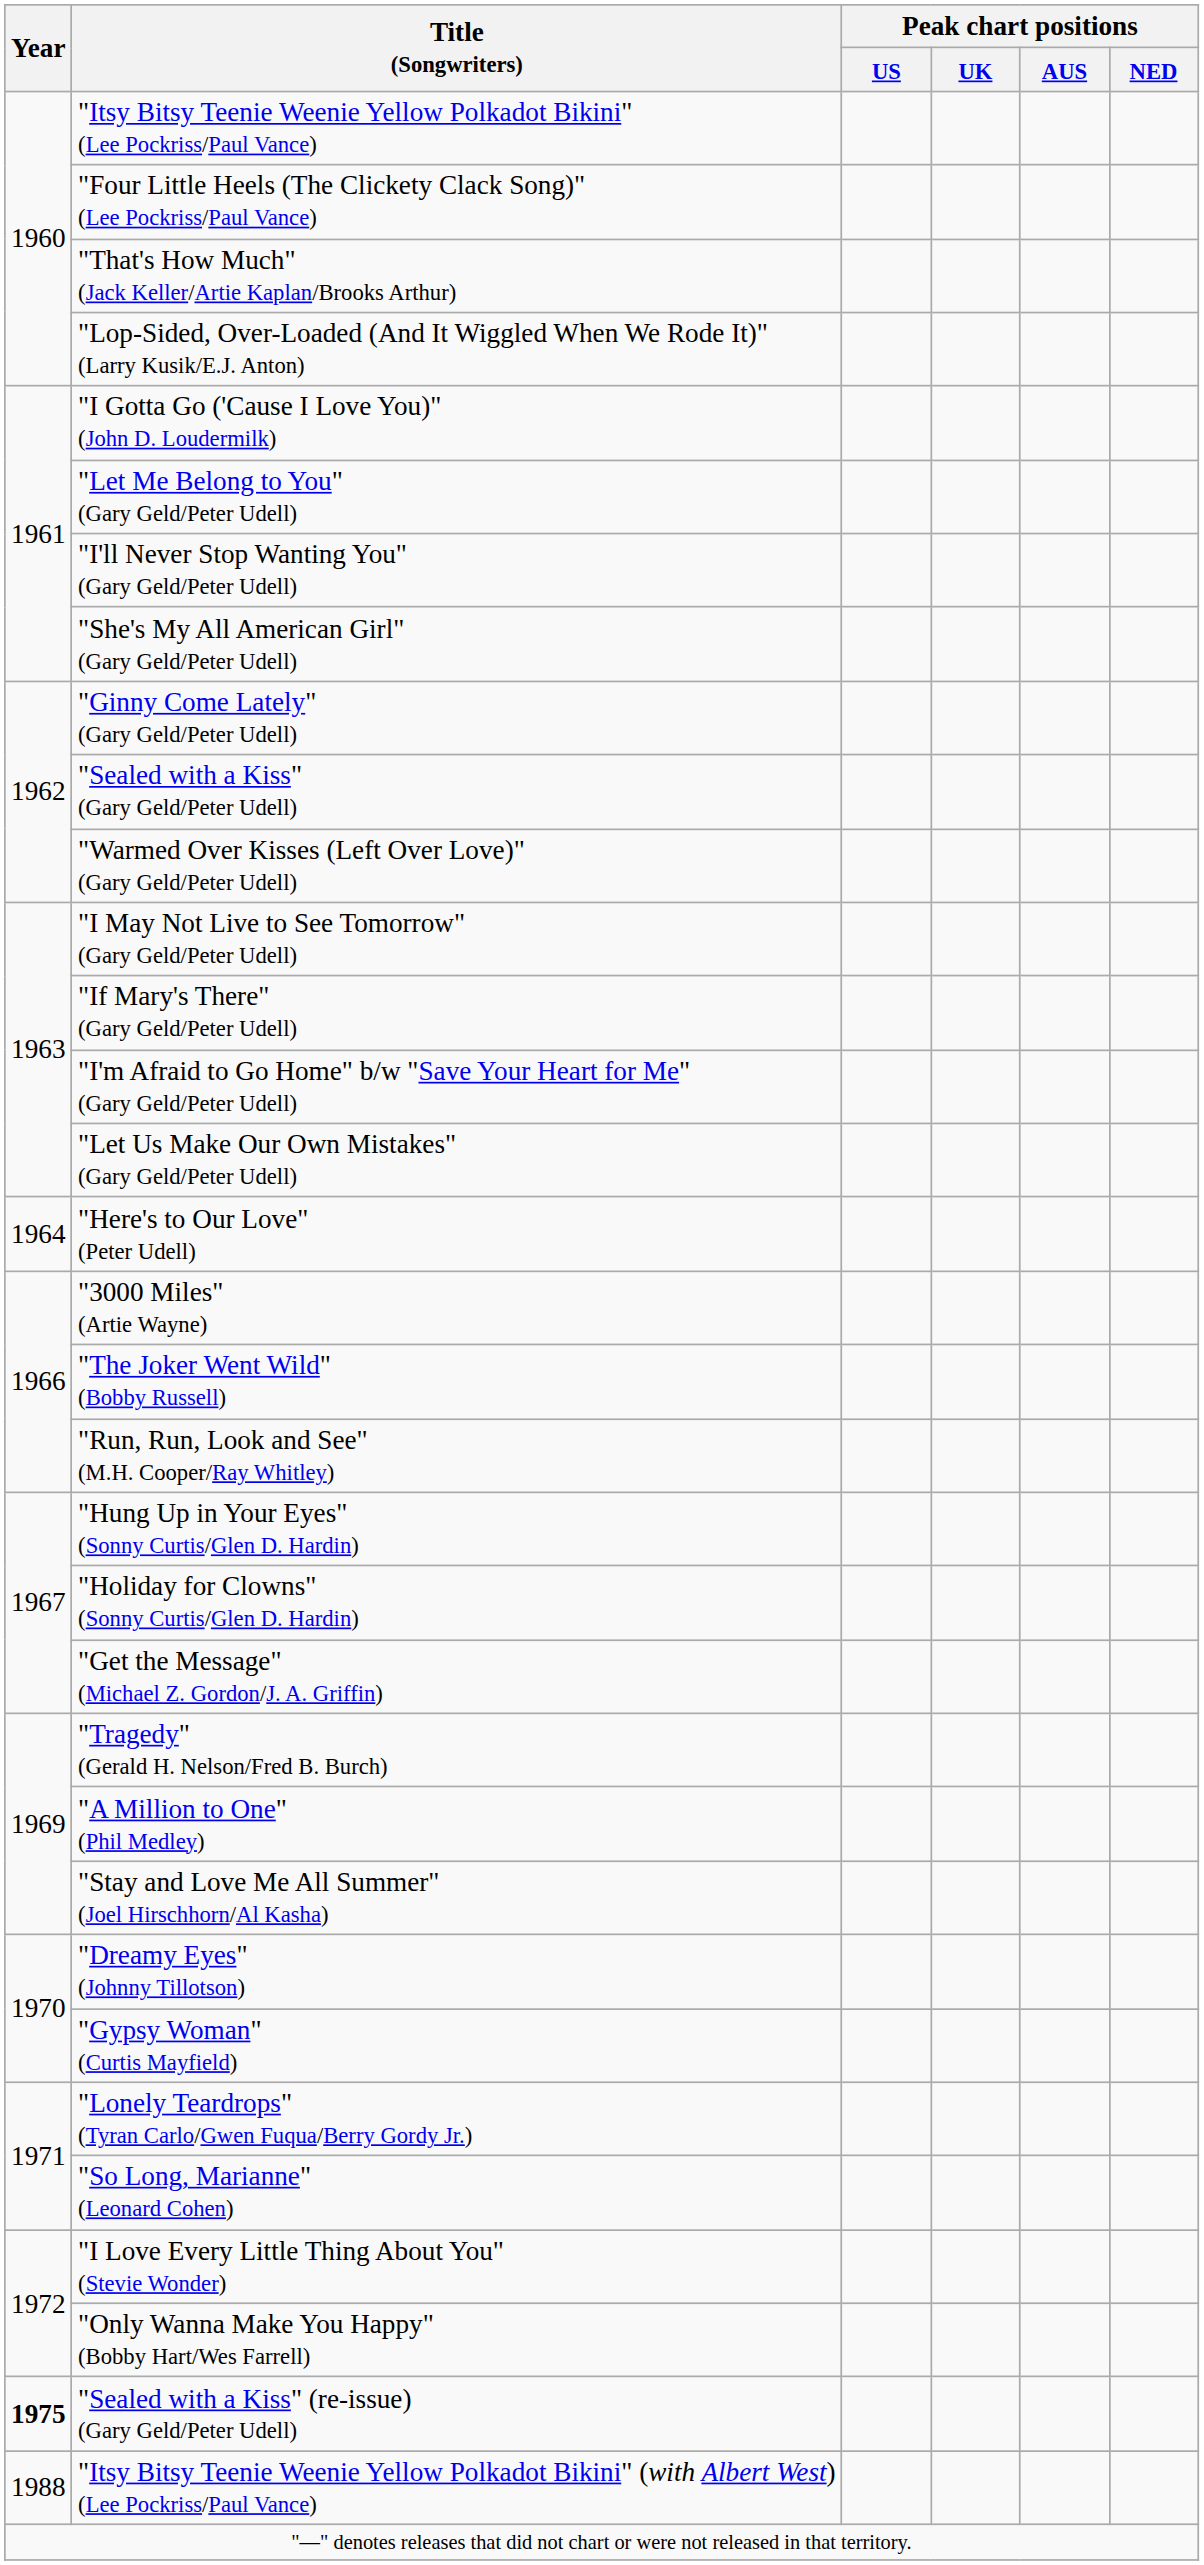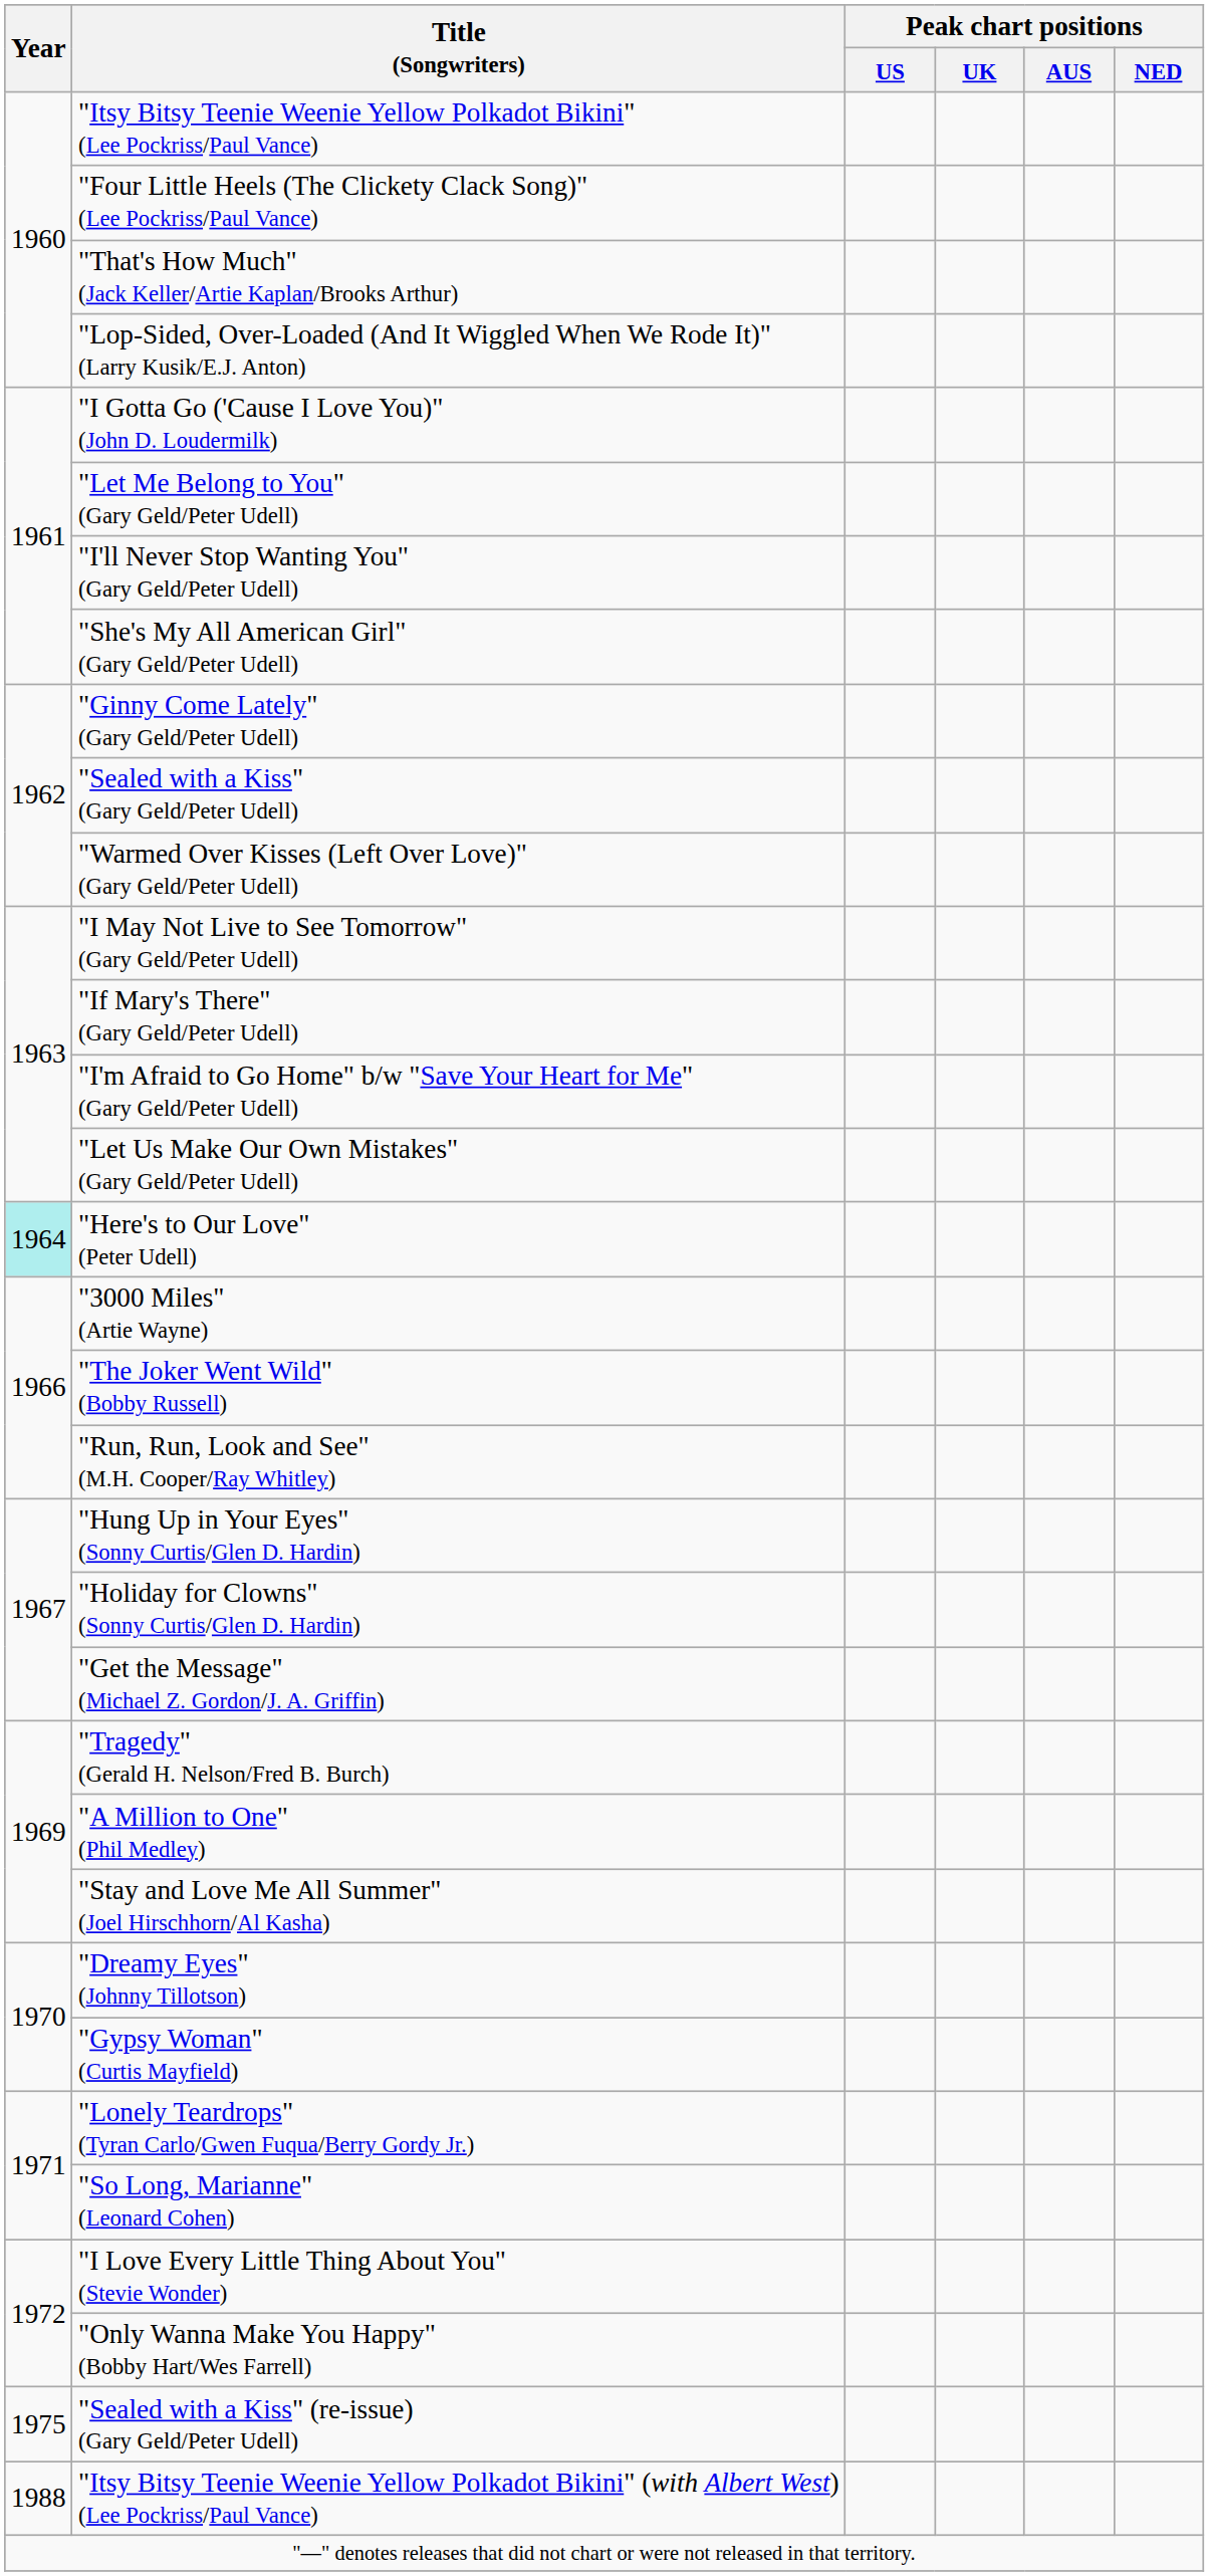 <table class="wikitable">
 <tr>
 <th scope="col" rowspan="2">Year</th>
 <th scope="col" rowspan="2">Title<br><small>(Songwriters)</small></th>
 <th scope="col" colspan="4">Peak chart positions</th>
 </tr>
 <tr>
 <th style="width:45px;"><small><a href='#'>US</a></small><br></th>
 <th style="width:45px;"><small><a href='#'>UK</a></small><br></th>
 <th style="width:45px;"><small><a href='#'>AUS</a></small><br></th>
 <th style="width:45px;"><small><a href='#'>NED</a></small><br></th>
 </tr>
 <tr>
 <td rowspan="4">1960</td>
 <td>"<a href='#'>Itsy Bitsy Teenie Weenie Yellow Polkadot Bikini</a>"<br><small>(<a href='#'>Lee Pockriss</a>/<a href='#'>Paul Vance</a>)</small></td>
 <td></td>
 <td></td>
 <td></td>
 <td></td>
 </tr>
 <tr>
 <td>"Four Little Heels (The Clickety Clack Song)"<br><small>(<a href='#'>Lee Pockriss</a>/<a href='#'>Paul Vance</a>)</small></td>
 <td></td>
 <td></td>
 <td></td>
 <td></td>
 </tr>
 <tr>
 <td>"That's How Much"<br><small>(<a href='#'>Jack Keller</a>/<a href='#'>Artie Kaplan</a>/Brooks Arthur)</small></td>
 <td></td>
 <td></td>
 <td></td>
 <td></td>
 </tr>
 <tr>
 <td>"Lop-Sided, Over-Loaded (And It Wiggled When We Rode It)"<br><small>(Larry Kusik/E.J. Anton)</small></td>
 <td></td>
 <td></td>
 <td></td>
 <td></td>
 </tr>
 <tr>
 <td rowspan="4">1961</td>
 <td>"I Gotta Go ('Cause I Love You)"<br><small>(<a href='#'>John D. Loudermilk</a>)</small></td>
 <td></td>
 <td></td>
 <td></td>
 <td></td>
 </tr>
 <tr>
 <td>"<a href='#'>Let Me Belong to You</a>"<br><small>(Gary Geld/Peter Udell)</small></td>
 <td></td>
 <td></td>
 <td></td>
 <td></td>
 </tr>
 <tr>
 <td>"I'll Never Stop Wanting You"<br><small>(Gary Geld/Peter Udell)</small></td>
 <td></td>
 <td></td>
 <td></td>
 <td></td>
 </tr>
 <tr>
 <td>"She's My All American Girl"<br><small>(Gary Geld/Peter Udell)</small></td>
 <td></td>
 <td></td>
 <td></td>
 <td></td>
 </tr>
 <tr>
 <td rowspan="3">1962</td>
 <td>"<a href='#'>Ginny Come Lately</a>"<br><small>(Gary Geld/Peter Udell)</small></td>
 <td></td>
 <td></td>
 <td></td>
 <td></td>
 </tr>
 <tr>
 <td>"<a href='#'>Sealed with a Kiss</a>"<br><small>(Gary Geld/Peter Udell)</small></td>
 <td></td>
 <td></td>
 <td></td>
 <td></td>
 </tr>
 <tr>
 <td>"Warmed Over Kisses (Left Over Love)"<br><small>(Gary Geld/Peter Udell)</small></td>
 <td></td>
 <td></td>
 <td></td>
 <td></td>
 </tr>
 <tr>
 <td rowspan="4">1963</td>
 <td>"I May Not Live to See Tomorrow"<br><small>(Gary Geld/Peter Udell)</small></td>
 <td></td>
 <td></td>
 <td></td>
 <td></td>
 </tr>
 <tr>
 <td>"If Mary's There"<br><small>(Gary Geld/Peter Udell)</small></td>
 <td></td>
 <td></td>
 <td></td>
 <td></td>
 </tr>
 <tr>
 <td>"I'm Afraid to Go Home" b/w "<a href='#'>Save Your Heart for Me</a>"<br><small>(Gary Geld/Peter Udell)</small></td>
 <td></td>
 <td></td>
 <td></td>
 <td></td>
 </tr>
 <tr>
 <td>"Let Us Make Our Own Mistakes"<br><small>(Gary Geld/Peter Udell)</small></td>
 <td></td>
 <td></td>
 <td></td>
 <td></td>
 </tr>
 <tr>
-<td>1964</td>
+<td style="background: paleturquoise;">1964</td>
 <td>"Here's to Our Love"<br><small>(Peter Udell)</small></td>
 <td></td>
 <td></td>
 <td></td>
 <td></td>
 </tr>
 <tr>
 <td rowspan="3">1966</td>
 <td>"3000 Miles"<br><small>(Artie Wayne)</small></td>
 <td></td>
 <td></td>
 <td></td>
 <td></td>
 </tr>
 <tr>
 <td>"<a href='#'>The Joker Went Wild</a>"<br><small>(<a href='#'>Bobby Russell</a>)</small></td>
 <td></td>
 <td></td>
 <td></td>
 <td></td>
 </tr>
 <tr>
 <td>"Run, Run, Look and See"<br><small>(M.H. Cooper/<a href='#'>Ray Whitley</a>)</small></td>
 <td></td>
 <td></td>
 <td></td>
 <td></td>
 </tr>
 <tr>
 <td rowspan="3">1967</td>
 <td>"Hung Up in Your Eyes"<br><small>(<a href='#'>Sonny Curtis</a>/<a href='#'>Glen D. Hardin</a>)</small></td>
 <td></td>
 <td></td>
 <td></td>
 <td></td>
 </tr>
 <tr>
 <td>"Holiday for Clowns"<br><small>(<a href='#'>Sonny Curtis</a>/<a href='#'>Glen D. Hardin</a>)</small></td>
 <td></td>
 <td></td>
 <td></td>
 <td></td>
 </tr>
 <tr>
 <td>"Get the Message"<br><small>(<a href='#'>Michael Z. Gordon</a>/<a href='#'>J. A. Griffin</a>)</small></td>
 <td></td>
 <td></td>
 <td></td>
 <td></td>
 </tr>
 <tr>
 <td rowspan="3">1969</td>
 <td>"<a href='#'>Tragedy</a>"<br><small>(Gerald H. Nelson/Fred B. Burch)</small></td>
 <td></td>
 <td></td>
 <td></td>
 <td></td>
 </tr>
 <tr>
 <td>"<a href='#'>A Million to One</a>"<br><small>(<a href='#'>Phil Medley</a>)</small></td>
 <td></td>
 <td></td>
 <td></td>
 <td></td>
 </tr>
 <tr>
 <td>"Stay and Love Me All Summer"<br><small>(<a href='#'>Joel Hirschhorn</a>/<a href='#'>Al Kasha</a>)</small></td>
 <td></td>
 <td></td>
 <td></td>
 <td></td>
 </tr>
 <tr>
 <td rowspan="2">1970</td>
 <td>"<a href='#'>Dreamy Eyes</a>"<br><small>(<a href='#'>Johnny Tillotson</a>)</small></td>
 <td></td>
 <td></td>
 <td></td>
 <td></td>
 </tr>
 <tr>
 <td>"<a href='#'>Gypsy Woman</a>"<br><small>(<a href='#'>Curtis Mayfield</a>)</small></td>
 <td></td>
 <td></td>
 <td></td>
 <td></td>
 </tr>
 <tr>
 <td rowspan="2">1971</td>
 <td>"<a href='#'>Lonely Teardrops</a>"<br><small>(<a href='#'>Tyran Carlo</a>/<a href='#'>Gwen Fuqua</a>/<a href='#'>Berry Gordy Jr.</a>)</small></td>
 <td></td>
 <td></td>
 <td></td>
 <td></td>
 </tr>
 <tr>
 <td>"<a href='#'>So Long, Marianne</a>"<br><small>(<a href='#'>Leonard Cohen</a>)</small></td>
 <td></td>
 <td></td>
 <td></td>
 <td></td>
 </tr>
 <tr>
 <td rowspan="2">1972</td>
 <td>"I Love Every Little Thing About You"<br><small>(<a href='#'>Stevie Wonder</a>)</small></td>
 <td></td>
 <td></td>
 <td></td>
 <td></td>
 </tr>
 <tr>
 <td>"Only Wanna Make You Happy"<br><small>(Bobby Hart/Wes Farrell)</small></td>
 <td></td>
 <td></td>
 <td></td>
 <td></td>
 </tr>
 <tr>
-<td><strong>1975</strong></td>
+<td>1975</td>
 <td>"<a href='#'>Sealed with a Kiss</a>" (re-issue)<br><small>(Gary Geld/Peter Udell)</small></td>
 <td></td>
 <td></td>
 <td></td>
 <td></td>
 </tr>
 <tr>
 <td>1988</td>
 <td>"<a href='#'>Itsy Bitsy Teenie Weenie Yellow Polkadot Bikini</a>" (<em>with <a href='#'>Albert West</a></em>)<br><small>(<a href='#'>Lee Pockriss</a>/<a href='#'>Paul Vance</a>)</small></td>
 <td></td>
 <td></td>
 <td></td>
 <td></td>
 </tr>
 <tr>
 <td colspan="6" style="text-align:center; font-size:9pt;">"—" denotes releases that did not chart or were not released in that territory.</td>
 </tr>
 </table>
